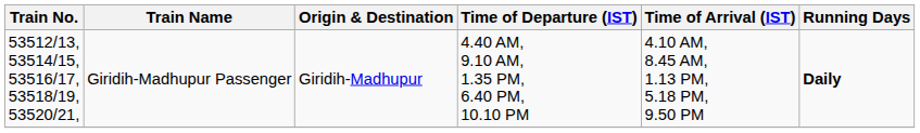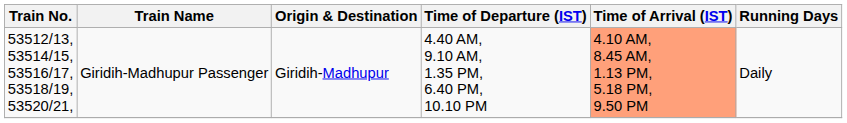 <table class="wikitable">
 <tr>
 <th>Train No.</th>
 <th>Train Name</th>
 <th>Origin & Destination </th>
 <th>Time of Departure (<a href='#'>IST</a>)</th>
 <th>Time of Arrival (<a href='#'>IST</a>)</th>
 <th>Running Days</th>
 </tr>
 <tr>
 <td>53512/13,<br>53514/15,<br>53516/17,<br>53518/19,<br>53520/21,</td>
 <td>Giridih-Madhupur Passenger</td>
 <td>Giridih-<a href='#'>Madhupur</a></td>
 <td>4.40 AM,<br>9.10 AM,<br>1.35 PM,<br>6.40 PM,<br>10.10 PM</td>
-<td>4.10 AM,<br>8.45 AM,<br>1.13 PM,<br>5.18 PM,<br>9.50 PM</td>
-<td><strong>Daily</strong></td>
+<td style="background: lightsalmon;">4.10 AM,<br>8.45 AM,<br>1.13 PM,<br>5.18 PM,<br>9.50 PM</td>
+<td>Daily</td>
 </tr>
 <tr>
 </tr>
 </table>
